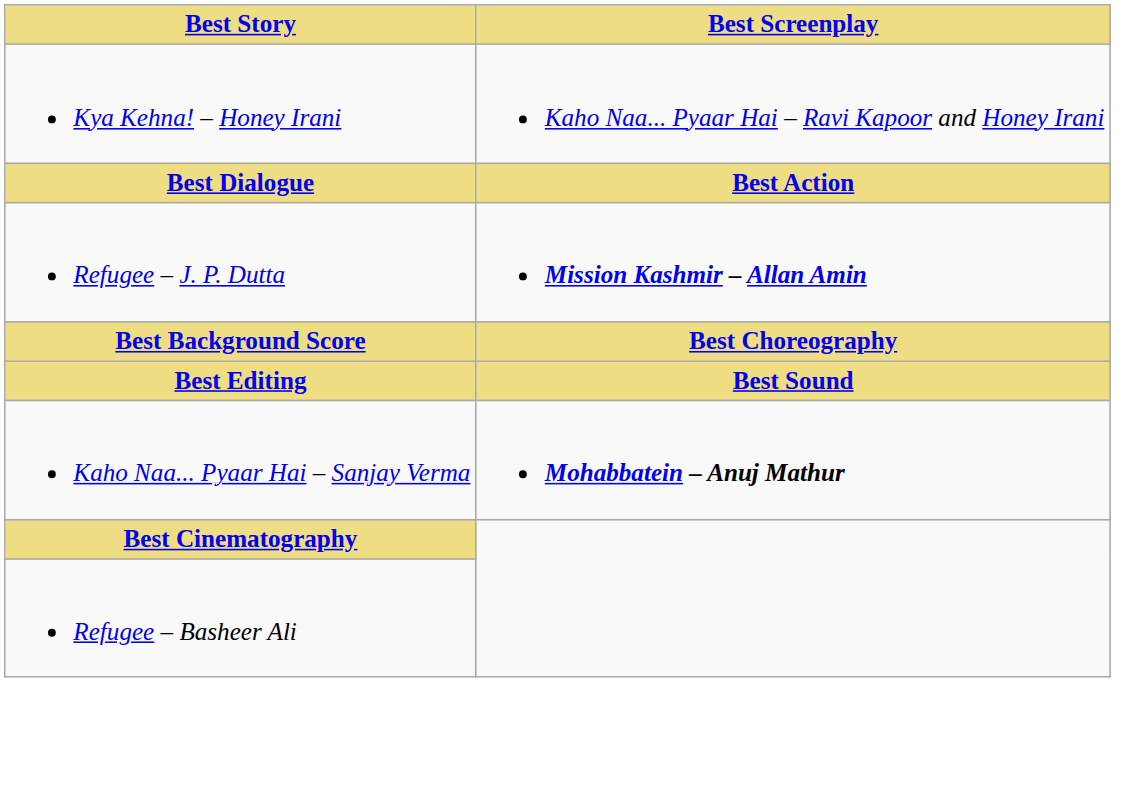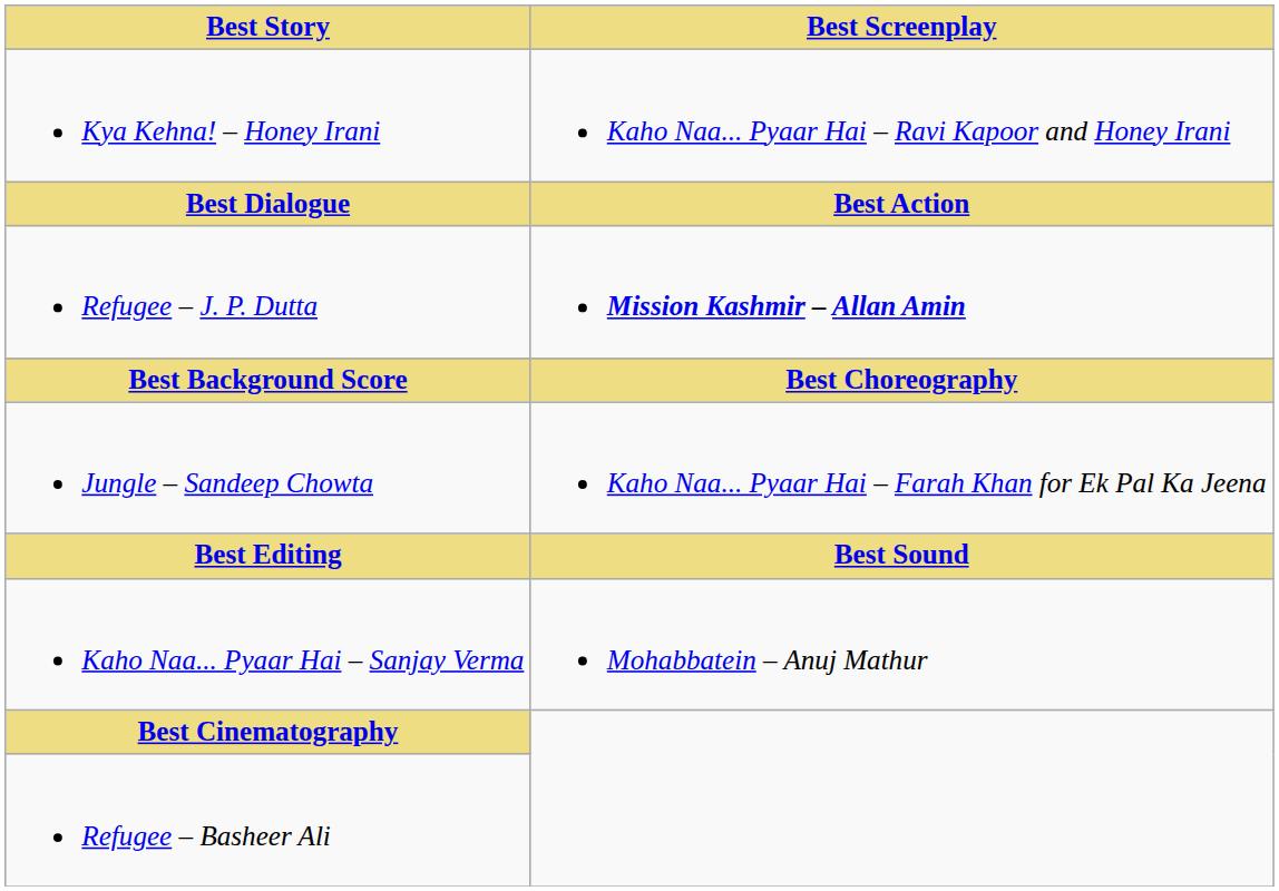 <table class="wikitable">
 <tr>
 <th ! style="background:#EEDD82;text-align:center;"><a href='#'>Best Story</a></th>
 <th ! style="background:#eedd82; text-align:center;"><a href='#'>Best Screenplay</a></th>
 </tr>
 <tr>
 <td valign="top"><br><ul><li><em><a href='#'>Kya Kehna!</a> – <a href='#'>Honey Irani</a></em></li></ul></td>
 <td valign="top"><br><ul><li><em><a href='#'>Kaho Naa... Pyaar Hai</a> – <a href='#'>Ravi Kapoor</a> and <a href='#'>Honey Irani</a></em></li></ul></td>
 </tr>
 <tr>
 <th ! style="background:#EEDD82;text-align:center;"><a href='#'>Best Dialogue</a></th>
 <th ! style="background:#eedd82; text-align:center;"><a href='#'>Best Action</a></th>
 </tr>
 <tr>
 <td valign="top"><br><ul><li><em><a href='#'>Refugee</a> – <a href='#'>J. P. Dutta</a></em></li></ul></td>
 <td valign="top"><strong><br><ul><li><em><a href='#'>Mission Kashmir</a></em> <em>– <a href='#'>Allan Amin</a></em></li></ul></strong></td>
 </tr>
 <tr>
 <th ! style="background:#EEDD82;text-align:center;"><a href='#'>Best Background Score</a></th>
 <th ! style="background:#eedd82; text-align:center;"><a href='#'>Best Choreography</a></th>
 </tr>
 <tr>
+<td valign="top"><br><ul><li><em><a href='#'>Jungle</a> – <a href='#'>Sandeep Chowta</a></em></li></ul></td>
+<td valign="top"><br><ul><li><em><a href='#'>Kaho Naa... Pyaar Hai</a> – <a href='#'>Farah Khan</a> for</em> <em>Ek Pal Ka Jeena</em></li></ul></td>
+</tr>
+<tr>
 <th ! style="background:#EEDD82;text-align:center;"><a href='#'>Best Editing</a></th>
 <th ! style="background:#eedd82; text-align:center;"><a href='#'>Best Sound</a></th>
 </tr>
 <tr>
 <td valign="top"><br><ul><li><em><a href='#'>Kaho Naa... Pyaar Hai</a> – <a href='#'>Sanjay Verma</a></em></li></ul></td>
-<td valign="top"><strong><br><ul><li><em><a href='#'>Mohabbatein</a> – Anuj Mathur</em></li></ul></strong></td>
+<td valign="top"><br><ul><li><em><a href='#'>Mohabbatein</a> – Anuj Mathur</em></li></ul></td>
 </tr>
 <tr>
 <th ! style="background:#eedd82; text-align:center;"><a href='#'>Best Cinematography</a></th>
 </tr>
 <tr>
 <td valign="top"><br><ul><li><em><a href='#'>Refugee</a> – Basheer Ali</em></li></ul></td>
 </tr>
 </table>
